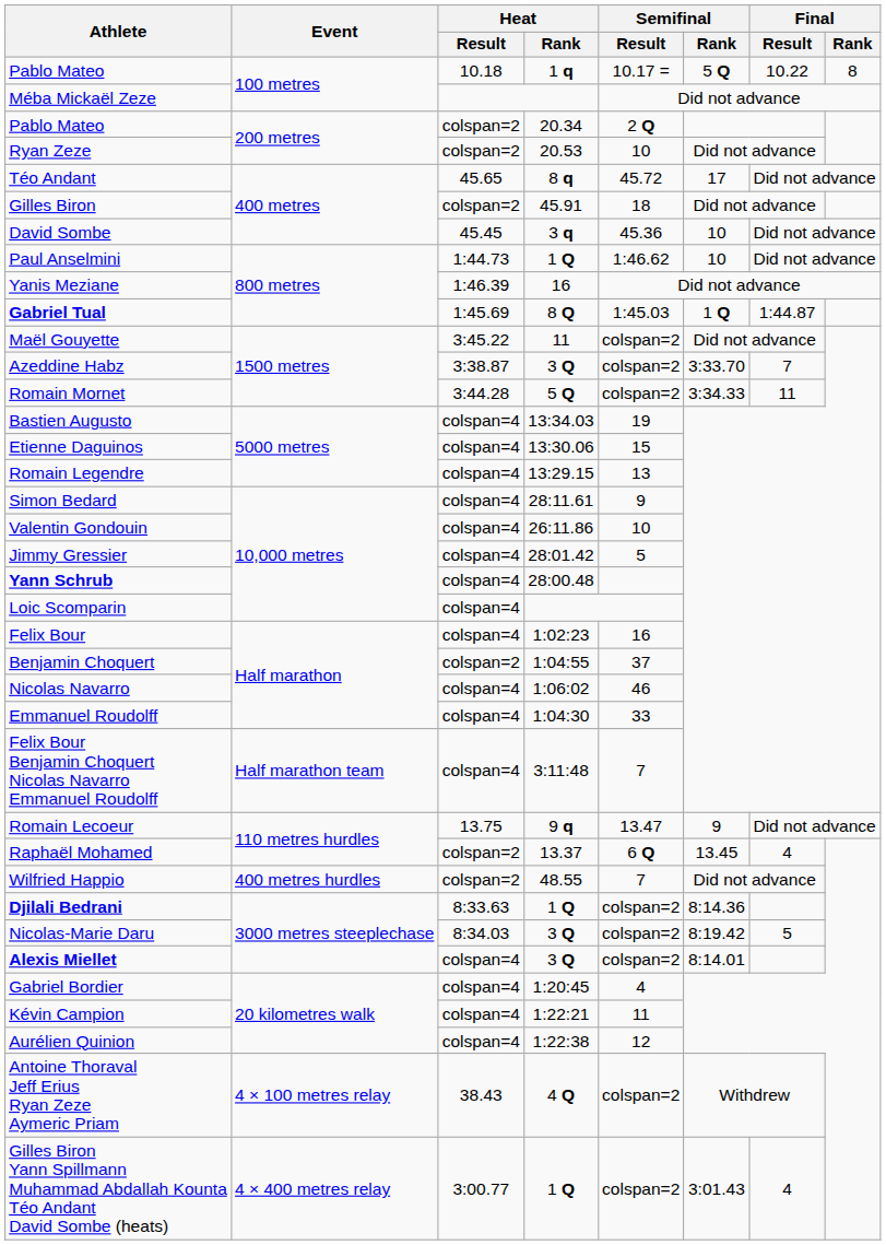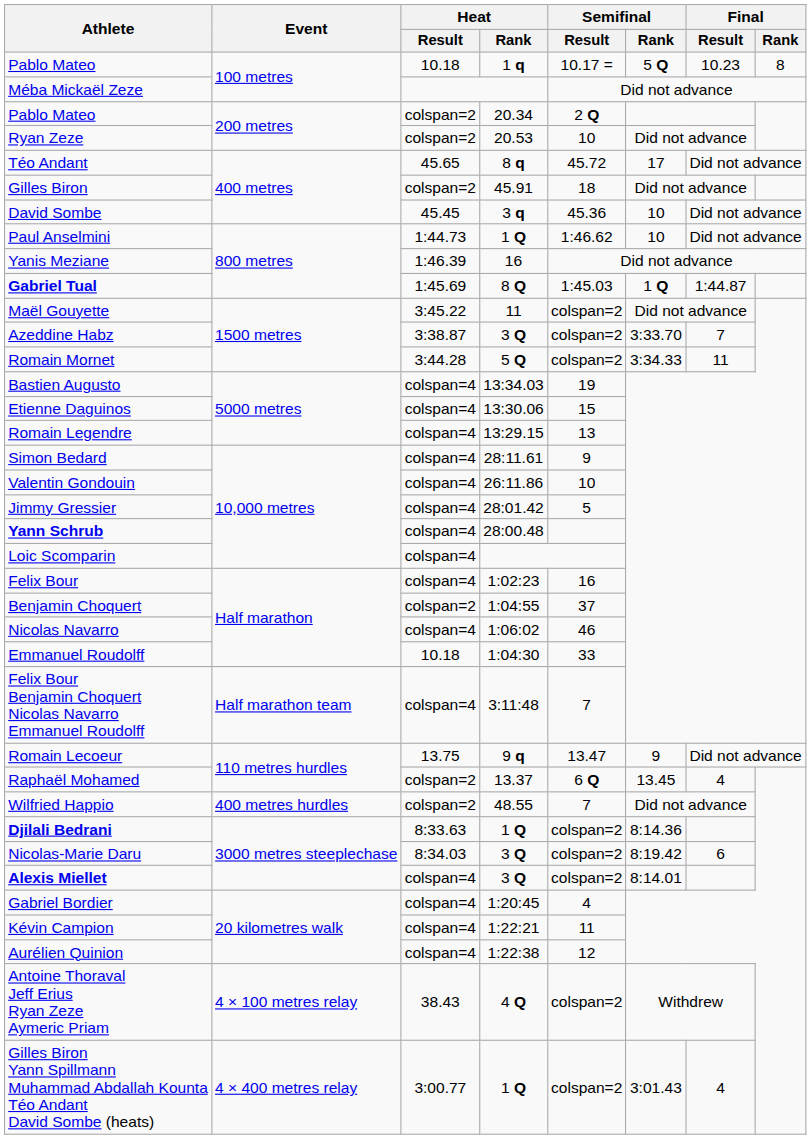 <table class=wikitable style=font-size:90%>
 <tr>
 <th rowspan=2>Athlete</th>
 <th rowspan=2>Event</th>
 <th colspan=2>Heat</th>
 <th colspan=2>Semifinal</th>
 <th colspan=2>Final</th>
 </tr>
 <tr style=font-size:95%>
 <th>Result</th>
 <th>Rank</th>
 <th>Result</th>
 <th>Rank</th>
 <th>Result</th>
 <th>Rank</th>
 </tr>
 <tr align=center>
 <td align=left><a href='#'>Pablo Mateo</a></td>
 <td align=left rowspan=2><a href='#'>100 metres</a></td>
 <td>10.18</td>
 <td>1 <strong>q</strong></td>
 <td>10.17 =</td>
 <td>5 <strong>Q</strong></td>
-<td>10.22</td>
+<td>10.23</td>
 <td>8</td>
 </tr>
 <tr align=center>
 <td align=left><a href='#'>Méba Mickaël Zeze</a></td>
 <td colspan=2></td>
 <td colspan=4>Did not advance</td>
 </tr>
 <tr align=center>
 <td align=left><a href='#'>Pablo Mateo</a></td>
 <td align=left rowspan=2><a href='#'>200 metres</a></td>
 <td>colspan=2</td>
 <td>20.34</td>
 <td>2 <strong>Q</strong></td>
 <td colspan=2></td>
 </tr>
 <tr align=center>
 <td align=left><a href='#'>Ryan Zeze</a></td>
 <td>colspan=2</td>
 <td>20.53</td>
 <td>10</td>
 <td colspan=2>Did not advance</td>
 </tr>
 <tr align=center>
 <td align=left><a href='#'>Téo Andant</a></td>
 <td align=left rowspan=3><a href='#'>400 metres</a></td>
 <td>45.65</td>
 <td>8 <strong>q</strong></td>
 <td>45.72</td>
 <td>17</td>
 <td colspan=2>Did not advance</td>
 </tr>
 <tr align=center>
 <td align=left><a href='#'>Gilles Biron</a></td>
 <td>colspan=2</td>
 <td>45.91</td>
 <td>18</td>
 <td colspan=2>Did not advance</td>
 </tr>
 <tr align=center>
 <td align=left><a href='#'>David Sombe</a></td>
 <td>45.45 </td>
 <td>3 <strong>q</strong></td>
 <td>45.36 </td>
 <td>10</td>
 <td colspan=2>Did not advance</td>
 </tr>
 <tr align=center>
 <td align=left><a href='#'>Paul Anselmini</a></td>
 <td align=left rowspan=3><a href='#'>800 metres</a></td>
 <td>1:44.73 </td>
 <td>1 <strong>Q</strong></td>
 <td>1:46.62</td>
 <td>10</td>
 <td colspan=2>Did not advance</td>
 </tr>
 <tr align=center>
 <td align=left><a href='#'>Yanis Meziane</a></td>
 <td>1:46.39</td>
 <td>16</td>
 <td colspan=4>Did not advance</td>
 </tr>
 <tr align=center>
 <td align=left><strong><a href='#'>Gabriel Tual</a></strong></td>
 <td>1:45.69</td>
 <td>8 <strong>Q</strong></td>
 <td>1:45.03</td>
 <td>1 <strong>Q</strong></td>
 <td>1:44.87</td>
 <td></td>
 </tr>
 <tr align=center>
 <td align=left><a href='#'>Maël Gouyette</a></td>
 <td align=left rowspan=3><a href='#'>1500 metres</a></td>
 <td>3:45.22</td>
 <td>11</td>
 <td>colspan=2</td>
 <td colspan=2>Did not advance</td>
 </tr>
 <tr align=center>
 <td align=left><a href='#'>Azeddine Habz</a></td>
 <td>3:38.87</td>
 <td>3 <strong>Q</strong></td>
 <td>colspan=2</td>
 <td>3:33.70</td>
 <td>7</td>
 </tr>
 <tr align=center>
 <td align=left><a href='#'>Romain Mornet</a></td>
 <td>3:44.28</td>
 <td>5 <strong>Q</strong></td>
 <td>colspan=2</td>
 <td>3:34.33 </td>
 <td>11</td>
 </tr>
 <tr align=center>
 <td align=left><a href='#'>Bastien Augusto</a></td>
 <td align=left rowspan=3><a href='#'>5000 metres</a></td>
 <td>colspan=4</td>
 <td>13:34.03</td>
 <td>19</td>
 </tr>
 <tr align=center>
 <td align=left><a href='#'>Etienne Daguinos</a></td>
 <td>colspan=4</td>
 <td>13:30.06</td>
 <td>15</td>
 </tr>
 <tr align=center>
 <td align=left><a href='#'>Romain Legendre</a></td>
 <td>colspan=4</td>
 <td>13:29.15</td>
 <td>13</td>
 </tr>
 <tr align=center>
 <td align=left><a href='#'>Simon Bedard</a></td>
 <td align=left rowspan=5><a href='#'>10,000 metres</a></td>
 <td>colspan=4</td>
 <td>28:11.61</td>
 <td>9</td>
 </tr>
 <tr align=center>
 <td align=left><a href='#'>Valentin Gondouin</a></td>
 <td>colspan=4</td>
 <td>26:11.86</td>
 <td>10</td>
 </tr>
 <tr align=center>
 <td align=left><a href='#'>Jimmy Gressier</a></td>
 <td>colspan=4</td>
 <td>28:01.42 </td>
 <td>5</td>
 </tr>
 <tr align=center>
 <td align=left><strong><a href='#'>Yann Schrub</a></strong></td>
 <td>colspan=4</td>
 <td>28:00.48 </td>
 <td></td>
 </tr>
 <tr align=center>
 <td align=left><a href='#'>Loic Scomparin</a></td>
 <td>colspan=4</td>
 <td colspan=2></td>
 </tr>
 <tr align=center>
 <td align=left><a href='#'>Felix Bour</a></td>
 <td align=left rowspan=4><a href='#'>Half marathon</a></td>
 <td>colspan=4</td>
 <td>1:02:23 </td>
 <td>16</td>
 </tr>
 <tr align=center>
 <td align=left><a href='#'>Benjamin Choquert</a></td>
 <td>colspan=2</td>
 <td>1:04:55</td>
 <td>37</td>
 </tr>
 <tr align=center>
 <td align=left><a href='#'>Nicolas Navarro</a></td>
 <td>colspan=4</td>
 <td>1:06:02 </td>
 <td>46</td>
 </tr>
 <tr align=center>
 <td align=left><a href='#'>Emmanuel Roudolff</a></td>
-<td>colspan=4</td>
+<td>10.18</td>
 <td>1:04:30</td>
 <td>33</td>
 </tr>
 <tr align=center>
 <td align=left><a href='#'>Felix Bour</a><br><a href='#'>Benjamin Choquert</a><br><a href='#'>Nicolas Navarro</a><br><a href='#'>Emmanuel Roudolff</a></td>
 <td align=left><a href='#'>Half marathon team</a></td>
 <td>colspan=4</td>
 <td>3:11:48</td>
 <td>7</td>
 </tr>
 <tr align=center>
 <td align=left><a href='#'>Romain Lecoeur</a></td>
 <td align=left rowspan=2><a href='#'>110 metres hurdles</a></td>
 <td>13.75</td>
 <td>9 <strong>q</strong></td>
 <td>13.47</td>
 <td>9</td>
 <td colspan=2>Did not advance</td>
 </tr>
 <tr align=center>
 <td align=left><a href='#'>Raphaël Mohamed</a></td>
 <td>colspan=2</td>
 <td>13.37</td>
 <td>6 <strong>Q</strong></td>
 <td>13.45</td>
 <td>4</td>
 </tr>
 <tr align=center>
 <td align=left><a href='#'>Wilfried Happio</a></td>
 <td align=left><a href='#'>400 metres hurdles</a></td>
 <td>colspan=2</td>
 <td>48.55 </td>
 <td>7</td>
 <td colspan=2>Did not advance</td>
 </tr>
 <tr align=center>
 <td align=left><strong><a href='#'>Djilali Bedrani</a></strong></td>
 <td align=left rowspan=3><a href='#'>3000 metres steeplechase</a></td>
 <td>8:33.63</td>
 <td>1 <strong>Q</strong></td>
 <td>colspan=2</td>
 <td>8:14.36</td>
 <td></td>
 </tr>
 <tr align=center>
 <td align=left><a href='#'>Nicolas-Marie Daru</a></td>
 <td>8:34.03</td>
 <td>3 <strong>Q</strong></td>
 <td>colspan=2</td>
 <td>8:19.42</td>
-<td>5</td>
+<td>6</td>
 </tr>
 <tr align=center>
 <td align=left><strong><a href='#'>Alexis Miellet</a></strong></td>
 <td>colspan=4</td>
 <td>3 <strong>Q</strong></td>
 <td>colspan=2</td>
 <td>8:14.01 </td>
 <td></td>
 </tr>
 <tr align=center>
 <td align=left><a href='#'>Gabriel Bordier</a></td>
 <td align=left rowspan=3><a href='#'>20 kilometres walk</a></td>
 <td>colspan=4</td>
 <td>1:20:45</td>
 <td>4</td>
 </tr>
 <tr align=center>
 <td align=left><a href='#'>Kévin Campion</a></td>
 <td>colspan=4</td>
 <td>1:22:21 </td>
 <td>11</td>
 </tr>
 <tr align=center>
 <td align=left><a href='#'>Aurélien Quinion</a></td>
 <td>colspan=4</td>
 <td>1:22:38</td>
 <td>12</td>
 </tr>
 <tr align=center>
 <td align=left><a href='#'>Antoine Thoraval</a><br><a href='#'>Jeff Erius</a><br><a href='#'>Ryan Zeze</a><br><a href='#'>Aymeric Priam</a></td>
 <td align=left><a href='#'>4 × 100 metres relay</a></td>
 <td>38.43</td>
 <td>4 <strong>Q</strong></td>
 <td>colspan=2</td>
 <td colspan=2>Withdrew</td>
 </tr>
 <tr align=center>
 <td align=left><a href='#'>Gilles Biron</a><br><a href='#'>Yann Spillmann</a><br><a href='#'>Muhammad Abdallah Kounta</a><br><a href='#'>Téo Andant</a><br><a href='#'>David Sombe</a> (heats)</td>
 <td align=left><a href='#'>4 × 400 metres relay</a></td>
 <td>3:00.77 </td>
 <td>1 <strong>Q</strong></td>
 <td>colspan=2</td>
 <td>3:01.43</td>
 <td>4</td>
 </tr>
 </table>
